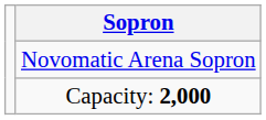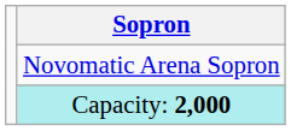 <table class="wikitable" style="text-align:center">
 <tr>
 <td rowspan=8></td>
 <th><a href='#'>Sopron</a></th>
 </tr>
 <tr>
 <td><a href='#'>Novomatic Arena Sopron</a></td>
 </tr>
 <tr>
-<td>Capacity: <strong>2,000</strong></td>
+<td style="background: paleturquoise;">Capacity: <strong>2,000</strong></td>
 </tr>
 </table>
